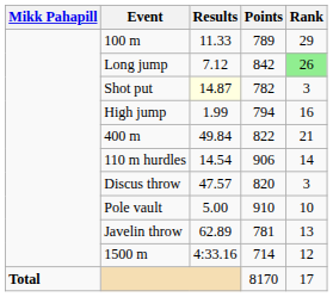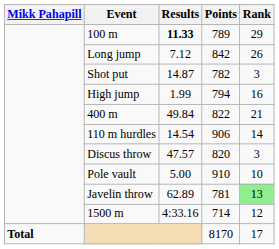 <table class=wikitable style="font-size:90%;">
 <tr>
 <th><strong><a href='#'>Mikk Pahapill</a></strong></th>
 <th>Event</th>
 <th>Results</th>
 <th>Points</th>
 <th>Rank</th>
 </tr>
 <tr style="border-top: single;">
 <td rowspan="10"></td>
 <td>100 m</td>
-<td align=center>11.33</td>
+<td align=center><strong>11.33</strong></td>
 <td align=center>789</td>
 <td align=center>29</td>
 </tr>
 <tr>
 <td>Long jump</td>
 <td align=center>7.12</td>
 <td align=center>842</td>
-<td align=center style="background: lightgreen;">26</td>
+<td align=center>26</td>
 </tr>
 <tr>
 <td>Shot put</td>
-<td align=center style="background: lightyellow;">14.87</td>
+<td align=center>14.87</td>
 <td align=center>782</td>
 <td align=center>3</td>
 </tr>
 <tr>
 <td>High jump</td>
 <td align=center>1.99</td>
 <td align=center>794</td>
 <td align=center>16</td>
 </tr>
 <tr>
 <td>400 m</td>
 <td align=center>49.84</td>
 <td align=center>822</td>
 <td align=center>21</td>
 </tr>
 <tr>
 <td>110 m hurdles</td>
 <td align=center>14.54</td>
 <td align=center>906</td>
 <td align=center>14</td>
 </tr>
 <tr>
 <td>Discus throw</td>
 <td align=center>47.57</td>
 <td align=center>820</td>
 <td align=center>3</td>
 </tr>
 <tr>
 <td>Pole vault</td>
 <td align=center>5.00</td>
 <td align=center>910</td>
 <td align=center>10</td>
 </tr>
 <tr>
 <td>Javelin throw</td>
 <td align=center>62.89</td>
 <td align=center>781</td>
-<td align=center>13</td>
+<td align=center style="background: lightgreen;">13</td>
 </tr>
 <tr>
 <td>1500 m</td>
 <td align=center>4:33.16</td>
 <td align=center>714</td>
 <td align=center>12</td>
 </tr>
 <tr style="border-top: single;">
 <td><strong>Total</strong></td>
 <td colspan="2" style="background:wheat;"></td>
 <td align=center>8170</td>
 <td align=center>17</td>
 </tr>
 </table>
